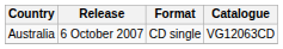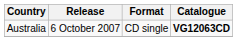 <table class="wikitable" border="1">
 <tr>
 <th>Country</th>
 <th>Release</th>
 <th>Format</th>
 <th>Catalogue</th>
 </tr>
 <tr>
 <td>Australia</td>
 <td>6 October 2007</td>
 <td>CD single</td>
-<td>VG12063CD</td>
+<td><strong>VG12063CD</strong></td>
 </tr>
 <tr>
 </tr>
 </table>
